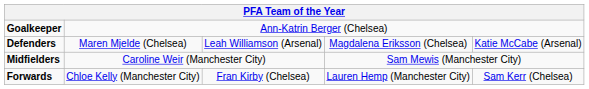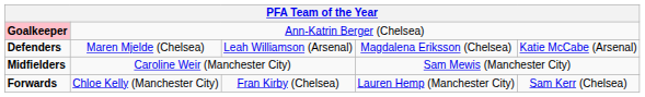 <table class="wikitable">
 <tr>
 <th colspan="13"><a href='#'>PFA Team of the Year</a></th>
 </tr>
 <tr>
-<td><strong>Goalkeeper</strong></td>
+<td style="background: pink;"><strong>Goalkeeper</strong></td>
 <td colspan="12" align="center"> <a href='#'>Ann-Katrin Berger</a> (Chelsea)</td>
 </tr>
 <tr>
 <td><strong>Defenders</strong></td>
 <td colspan="3" align="center"> <a href='#'>Maren Mjelde</a> (Chelsea)</td>
 <td colspan="3" align="center"> <a href='#'>Leah Williamson</a> (Arsenal)</td>
 <td colspan="3" align="center"> <a href='#'>Magdalena Eriksson</a> (Chelsea)</td>
 <td colspan="3" align="center"> <a href='#'>Katie McCabe</a> (Arsenal)</td>
 </tr>
 <tr>
 <td><strong>Midfielders</strong></td>
 <td colspan="6" align="center"> <a href='#'>Caroline Weir</a> (Manchester City)</td>
 <td colspan="6" align="center"> <a href='#'>Sam Mewis</a> (Manchester City)</td>
 </tr>
 <tr>
 <td><strong>Forwards</strong></td>
 <td colspan="3" align="center"> <a href='#'>Chloe Kelly</a> (Manchester City)</td>
 <td colspan="3" align="center"> <a href='#'>Fran Kirby</a> (Chelsea)</td>
 <td colspan="3" align="center"> <a href='#'>Lauren Hemp</a> (Manchester City)</td>
 <td colspan="3" align="center"> <a href='#'>Sam Kerr</a> (Chelsea)</td>
 </tr>
 </table>
